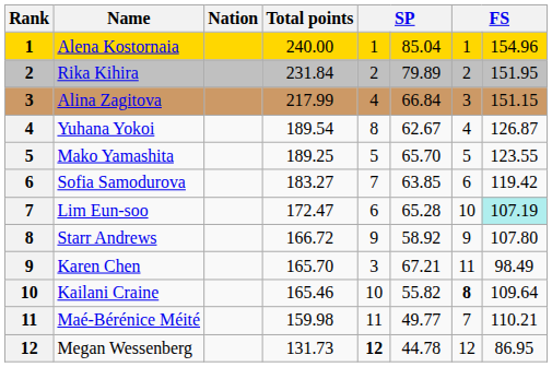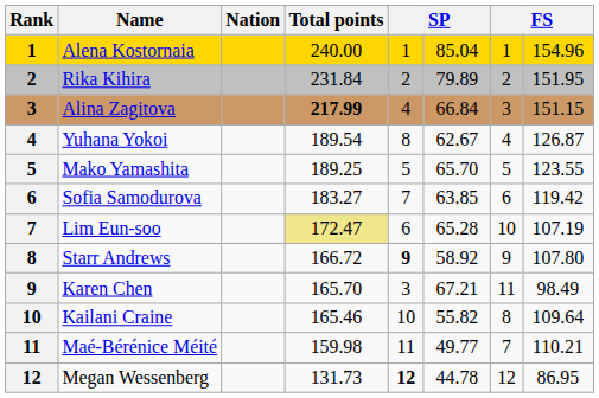 <table class="wikitable sortable">
 <tr>
 <th>Rank</th>
 <th>Name</th>
 <th>Nation</th>
 <th>Total points</th>
 <th colspan="2" width="80px"><a href='#'>SP</a></th>
 <th colspan="2" width="80px"><a href='#'>FS</a></th>
 </tr>
 <tr bgcolor="gold">
 <td align="center"><strong>1</strong></td>
 <td><a href='#'>Alena Kostornaia</a></td>
 <td></td>
 <td align="center">240.00</td>
 <td align="center">1</td>
 <td align="center">85.04</td>
 <td align="center">1</td>
 <td align="center">154.96</td>
 </tr>
 <tr bgcolor="silver">
 <td align="center"><strong>2</strong></td>
 <td><a href='#'>Rika Kihira</a></td>
 <td></td>
 <td align="center">231.84</td>
 <td align="center">2</td>
 <td align="center">79.89</td>
 <td align="center">2</td>
 <td align="center">151.95</td>
 </tr>
 <tr bgcolor="cc9966">
 <td align="center"><strong>3</strong></td>
 <td><a href='#'>Alina Zagitova</a></td>
 <td></td>
-<td align="center">217.99</td>
+<td align="center"><strong>217.99</strong></td>
 <td align="center">4</td>
 <td align="center">66.84</td>
 <td align="center">3</td>
 <td align="center">151.15</td>
 </tr>
 <tr>
 <th>4</th>
 <td><a href='#'>Yuhana Yokoi</a></td>
 <td></td>
 <td align="center">189.54</td>
 <td align="center">8</td>
 <td align="center">62.67</td>
 <td align="center">4</td>
 <td align="center">126.87</td>
 </tr>
 <tr>
 <th>5</th>
 <td><a href='#'>Mako Yamashita</a></td>
 <td></td>
 <td align="center">189.25</td>
 <td align="center">5</td>
 <td align="center">65.70</td>
 <td align="center">5</td>
 <td align="center">123.55</td>
 </tr>
 <tr>
 <th>6</th>
 <td><a href='#'>Sofia Samodurova</a></td>
 <td></td>
 <td align="center">183.27</td>
 <td align="center">7</td>
 <td align="center">63.85</td>
 <td align="center">6</td>
 <td align="center">119.42</td>
 </tr>
 <tr>
 <th>7</th>
 <td><a href='#'>Lim Eun-soo</a></td>
 <td></td>
-<td align="center">172.47</td>
+<td align="center" style="background: khaki;">172.47</td>
 <td align="center">6</td>
 <td align="center">65.28</td>
 <td align="center">10</td>
-<td align="center" style="background: paleturquoise;">107.19</td>
+<td align="center">107.19</td>
 </tr>
 <tr>
 <th>8</th>
 <td><a href='#'>Starr Andrews</a></td>
 <td></td>
 <td align="center">166.72</td>
-<td align="center">9</td>
+<td align="center"><strong>9</strong></td>
 <td align="center">58.92</td>
 <td align="center">9</td>
 <td align="center">107.80</td>
 </tr>
 <tr>
 <th>9</th>
 <td><a href='#'>Karen Chen</a></td>
 <td></td>
 <td align="center">165.70</td>
 <td align="center">3</td>
 <td align="center">67.21</td>
 <td align="center">11</td>
 <td align="center">98.49</td>
 </tr>
 <tr>
 <th>10</th>
 <td><a href='#'>Kailani Craine</a></td>
 <td></td>
 <td align="center">165.46</td>
 <td align="center">10</td>
 <td align="center">55.82</td>
-<td align="center"><strong>8</strong></td>
+<td align="center">8</td>
 <td align="center">109.64</td>
 </tr>
 <tr>
 <th>11</th>
 <td><a href='#'>Maé-Bérénice Méité</a></td>
 <td></td>
 <td align="center">159.98</td>
 <td align="center">11</td>
 <td align="center">49.77</td>
 <td align="center">7</td>
 <td align="center">110.21</td>
 </tr>
 <tr>
 <th>12</th>
 <td>Megan Wessenberg</td>
 <td></td>
 <td align="center">131.73</td>
 <td align="center"><strong>12</strong></td>
 <td align="center">44.78</td>
 <td align="center">12</td>
 <td align="center">86.95</td>
 </tr>
 </table>
